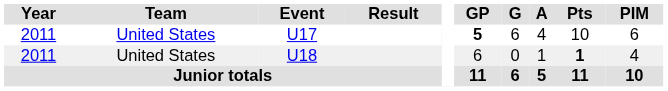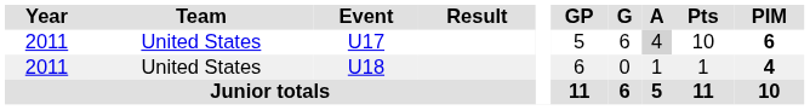 <table border="0" cellpadding="1" cellspacing="0" style="text-align:center; width:40em">
 <tr ALIGN="center" bgcolor="#e0e0e0">
 <th>Year</th>
 <th>Team</th>
 <th>Event</th>
 <th>Result</th>
 <th rowspan="99" bgcolor="#ffffff"> </th>
 <th>GP</th>
 <th>G</th>
 <th>A</th>
 <th>Pts</th>
 <th>PIM</th>
 </tr>
 <tr>
 <td><a href='#'>2011</a></td>
 <td><a href='#'>United States</a></td>
 <td><a href='#'>U17</a></td>
 <td></td>
-<td><strong>5</strong></td>
+<td>5</td>
 <td>6</td>
-<td>4</td>
+<td style="background: lightgrey;">4</td>
 <td>10</td>
-<td>6</td>
+<td><strong>6</strong></td>
 </tr>
 <tr bgcolor="#f0f0f0">
 <td><a href='#'>2011</a></td>
 <td>United States</td>
 <td><a href='#'>U18</a></td>
 <td></td>
 <td>6</td>
 <td>0</td>
 <td>1</td>
-<td><strong>1</strong></td>
-<td>4</td>
+<td>1</td>
+<td><strong>4</strong></td>
 </tr>
 <tr bgcolor="#e0e0e0">
 <th colspan="4">Junior totals</th>
 <th>11</th>
 <th>6</th>
 <th>5</th>
 <th>11</th>
 <th>10</th>
 </tr>
 </table>
